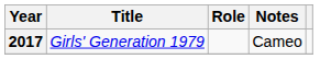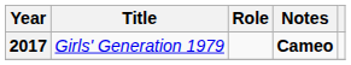 <table class="wikitable plainrowheaders">
 <tr>
 <th scope="col">Year</th>
 <th scope="col">Title</th>
 <th scope="col">Role</th>
 <th scope="col">Notes</th>
 <th scope="col" class="unsortable"></th>
 </tr>
 <tr>
 <th scope="row">2017</th>
 <td><em><a href='#'>Girls' Generation 1979</a></em></td>
 <td></td>
-<td>Cameo</td>
+<td><strong>Cameo</strong></td>
 <td align="center"></td>
 </tr>
 <tr>
 </tr>
 </table>
